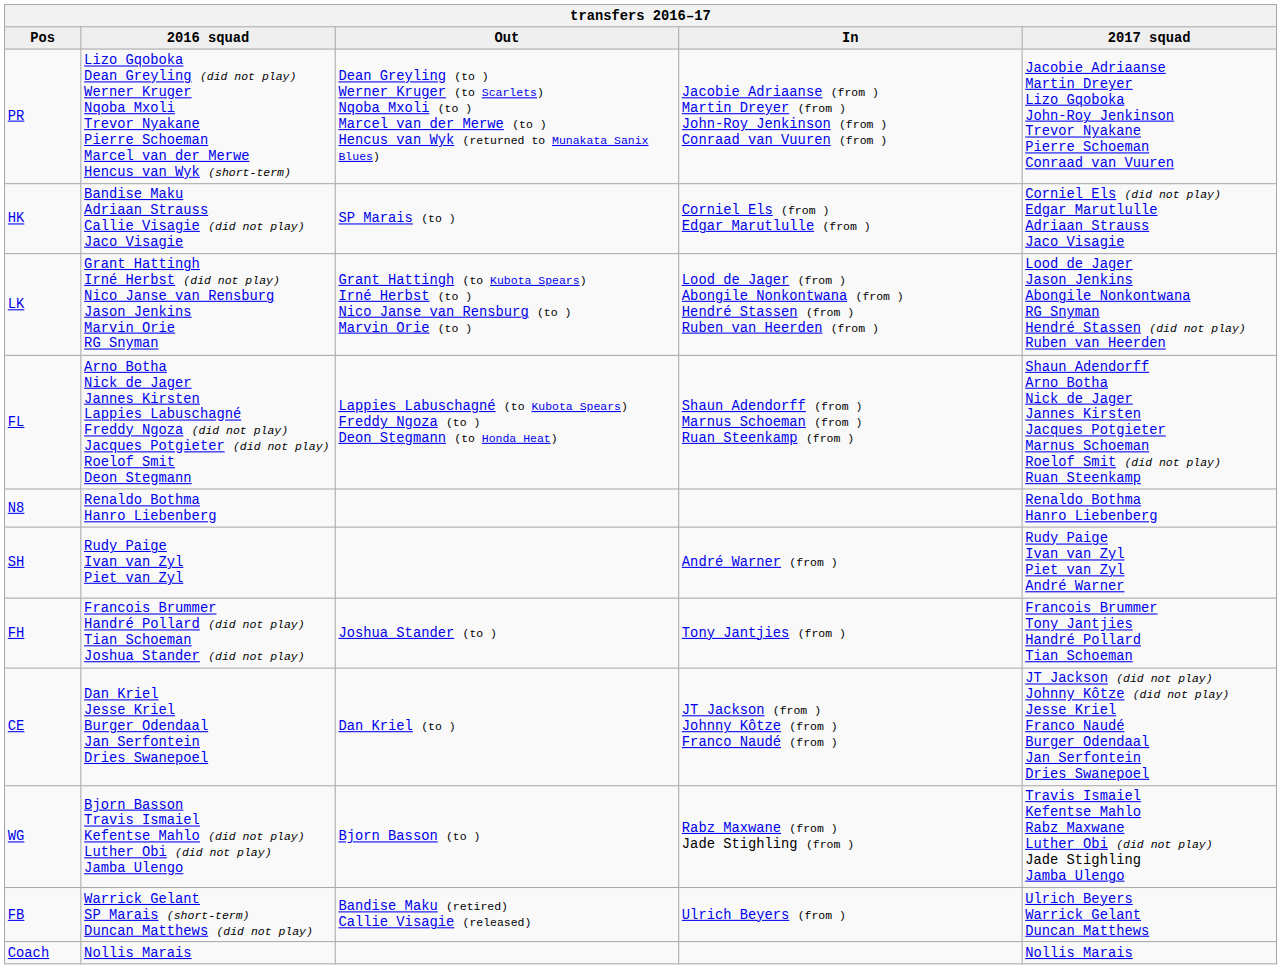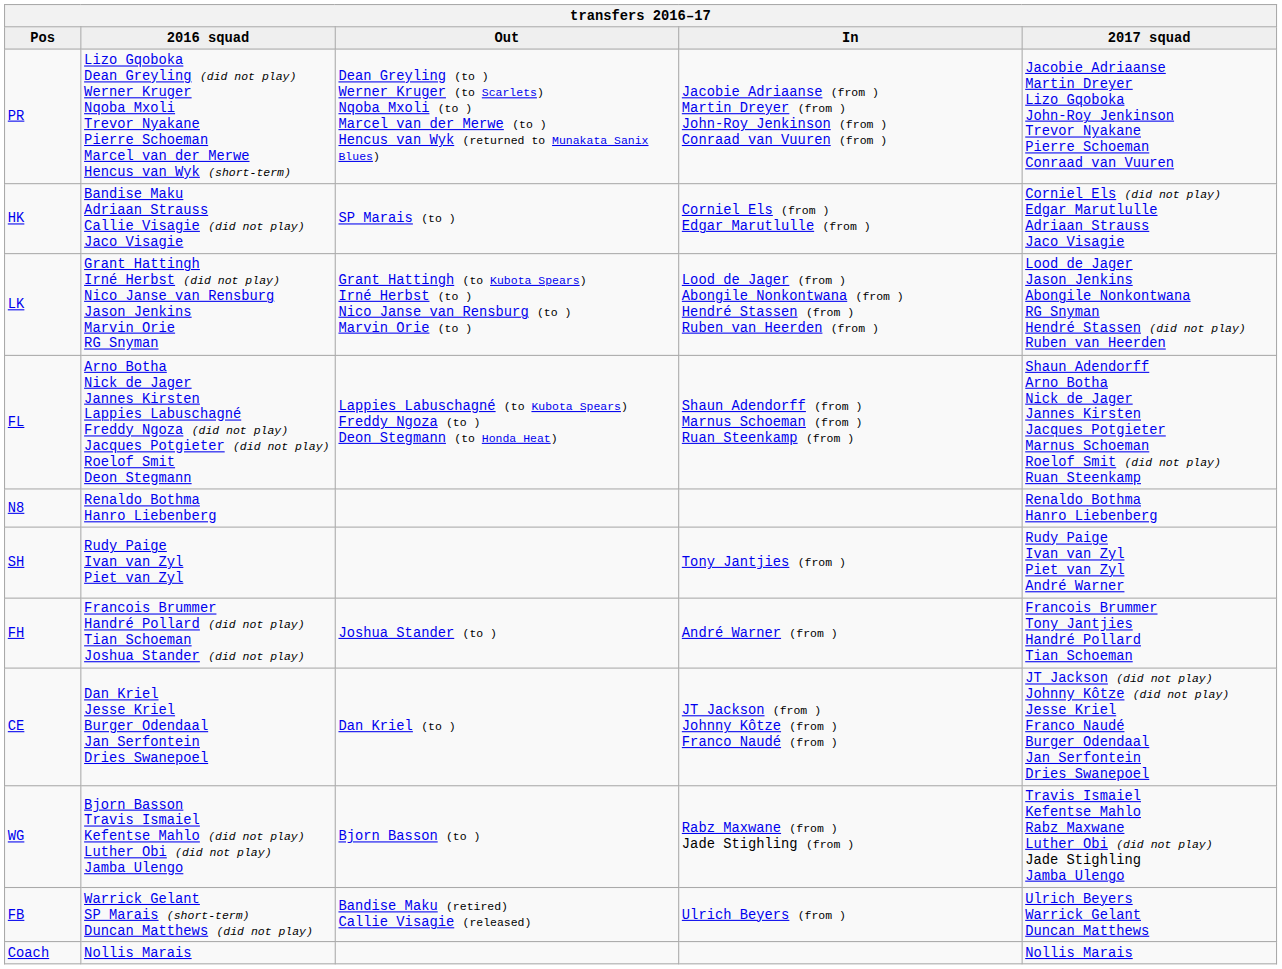 <table class="wikitable" style="text-align: left; width:95%">
 <tr>
 <th colspan="100%"> transfers 2016–17</th>
 </tr>
 <tr>
 <th style="background:#efefef; width:6%;">Pos</th>
 <th style="background:#efefef; width:20%;">2016 squad</th>
 <th style="background:#efefef; width:27%;">Out</th>
 <th style="background:#efefef; width:27%;">In</th>
 <th style="background:#efefef; width:20%;">2017 squad</th>
 </tr>
 <tr>
 <td><a href='#'>PR</a></td>
 <td> <a href='#'>Lizo Gqoboka</a> <br> <a href='#'>Dean Greyling</a> <small><em>(did not play)</em></small> <br> <a href='#'>Werner Kruger</a> <br> <a href='#'>Nqoba Mxoli</a> <br> <a href='#'>Trevor Nyakane</a> <br> <a href='#'>Pierre Schoeman</a> <br> <a href='#'>Marcel van der Merwe</a> <br> <a href='#'>Hencus van Wyk</a> <small><em>(short-term)</em></small></td>
 <td>  <a href='#'>Dean Greyling</a> <small>(to )</small> <br>  <a href='#'>Werner Kruger</a> <small>(to  <a href='#'>Scarlets</a>)</small> <br>  <a href='#'>Nqoba Mxoli</a> <small>(to )</small> <br>  <a href='#'>Marcel van der Merwe</a> <small>(to )</small> <br>  <a href='#'>Hencus van Wyk</a> <small>(returned to  <a href='#'>Munakata Sanix Blues</a>)</small></td>
 <td>  <a href='#'>Jacobie Adriaanse</a> <small>(from )</small> <br>  <a href='#'>Martin Dreyer</a> <small>(from )</small> <br>  <a href='#'>John-Roy Jenkinson</a> <small>(from )</small> <br>  <a href='#'>Conraad van Vuuren</a> <small>(from )</small></td>
 <td> <a href='#'>Jacobie Adriaanse</a> <br> <a href='#'>Martin Dreyer</a> <br> <a href='#'>Lizo Gqoboka</a> <br> <a href='#'>John-Roy Jenkinson</a> <br> <a href='#'>Trevor Nyakane</a> <br> <a href='#'>Pierre Schoeman</a> <br> <a href='#'>Conraad van Vuuren</a></td>
 </tr>
 <tr>
 <td><a href='#'>HK</a></td>
 <td> <a href='#'>Bandise Maku</a> <br> <a href='#'>Adriaan Strauss</a> <br> <a href='#'>Callie Visagie</a> <small><em>(did not play)</em></small> <br> <a href='#'>Jaco Visagie</a></td>
 <td>  <a href='#'>SP Marais</a> <small>(to )</small></td>
 <td>  <a href='#'>Corniel Els</a> <small>(from )</small> <br>  <a href='#'>Edgar Marutlulle</a> <small>(from )</small></td>
 <td> <a href='#'>Corniel Els</a> <small><em>(did not play)</em></small> <br> <a href='#'>Edgar Marutlulle</a> <br> <a href='#'>Adriaan Strauss</a> <br> <a href='#'>Jaco Visagie</a></td>
 </tr>
 <tr>
 <td><a href='#'>LK</a></td>
 <td> <a href='#'>Grant Hattingh</a> <br> <a href='#'>Irné Herbst</a> <small><em>(did not play)</em></small> <br> <a href='#'>Nico Janse van Rensburg</a> <br> <a href='#'>Jason Jenkins</a> <br> <a href='#'>Marvin Orie</a> <br> <a href='#'>RG Snyman</a></td>
 <td>  <a href='#'>Grant Hattingh</a> <small>(to  <a href='#'>Kubota Spears</a>)</small> <br>  <a href='#'>Irné Herbst</a> <small>(to )</small> <br>  <a href='#'>Nico Janse van Rensburg</a> <small>(to )</small> <br>  <a href='#'>Marvin Orie</a> <small>(to )</small></td>
 <td>  <a href='#'>Lood de Jager</a> <small>(from )</small> <br>  <a href='#'>Abongile Nonkontwana</a> <small>(from )</small> <br>  <a href='#'>Hendré Stassen</a> <small>(from )</small> <br>  <a href='#'>Ruben van Heerden</a> <small>(from )</small></td>
 <td> <a href='#'>Lood de Jager</a> <br> <a href='#'>Jason Jenkins</a> <br> <a href='#'>Abongile Nonkontwana</a> <br> <a href='#'>RG Snyman</a> <br> <a href='#'>Hendré Stassen</a> <small><em>(did not play)</em></small> <br> <a href='#'>Ruben van Heerden</a></td>
 </tr>
 <tr>
 <td><a href='#'>FL</a></td>
 <td> <a href='#'>Arno Botha</a> <br> <a href='#'>Nick de Jager</a> <br> <a href='#'>Jannes Kirsten</a> <br> <a href='#'>Lappies Labuschagné</a> <br> <a href='#'>Freddy Ngoza</a> <small><em>(did not play)</em></small> <br> <a href='#'>Jacques Potgieter</a> <small><em>(did not play)</em></small> <br> <a href='#'>Roelof Smit</a> <br> <a href='#'>Deon Stegmann</a></td>
 <td>  <a href='#'>Lappies Labuschagné</a> <small>(to  <a href='#'>Kubota Spears</a>)</small> <br>  <a href='#'>Freddy Ngoza</a> <small>(to )</small> <br>  <a href='#'>Deon Stegmann</a> <small>(to  <a href='#'>Honda Heat</a>)</small></td>
 <td>  <a href='#'>Shaun Adendorff</a> <small>(from )</small> <br>  <a href='#'>Marnus Schoeman</a> <small>(from )</small> <br>  <a href='#'>Ruan Steenkamp</a> <small>(from )</small></td>
 <td> <a href='#'>Shaun Adendorff</a> <br> <a href='#'>Arno Botha</a> <br> <a href='#'>Nick de Jager</a> <br> <a href='#'>Jannes Kirsten</a> <br> <a href='#'>Jacques Potgieter</a> <br> <a href='#'>Marnus Schoeman</a> <br> <a href='#'>Roelof Smit</a> <small><em>(did not play)</em></small> <br> <a href='#'>Ruan Steenkamp</a></td>
 </tr>
 <tr>
 <td><a href='#'>N8</a></td>
 <td> <a href='#'>Renaldo Bothma</a> <br> <a href='#'>Hanro Liebenberg</a></td>
 <td></td>
 <td></td>
 <td> <a href='#'>Renaldo Bothma</a> <br> <a href='#'>Hanro Liebenberg</a></td>
 </tr>
 <tr>
 <td><a href='#'>SH</a></td>
 <td> <a href='#'>Rudy Paige</a> <br> <a href='#'>Ivan van Zyl</a> <br> <a href='#'>Piet van Zyl</a></td>
 <td></td>
-<td>  <a href='#'>André Warner</a> <small>(from )</small></td>
+<td>  <a href='#'>Tony Jantjies</a> <small>(from )</small></td>
 <td> <a href='#'>Rudy Paige</a> <br> <a href='#'>Ivan van Zyl</a> <br> <a href='#'>Piet van Zyl</a> <br> <a href='#'>André Warner</a></td>
 </tr>
 <tr>
 <td><a href='#'>FH</a></td>
 <td> <a href='#'>Francois Brummer</a> <br> <a href='#'>Handré Pollard</a> <small><em>(did not play)</em></small> <br> <a href='#'>Tian Schoeman</a> <br> <a href='#'>Joshua Stander</a> <small><em>(did not play)</em></small></td>
 <td>  <a href='#'>Joshua Stander</a> <small>(to )</small></td>
-<td>  <a href='#'>Tony Jantjies</a> <small>(from )</small></td>
+<td>  <a href='#'>André Warner</a> <small>(from )</small></td>
 <td> <a href='#'>Francois Brummer</a> <br> <a href='#'>Tony Jantjies</a> <br> <a href='#'>Handré Pollard</a> <br> <a href='#'>Tian Schoeman</a></td>
 </tr>
 <tr>
 <td><a href='#'>CE</a></td>
 <td> <a href='#'>Dan Kriel</a> <br> <a href='#'>Jesse Kriel</a> <br> <a href='#'>Burger Odendaal</a> <br> <a href='#'>Jan Serfontein</a> <br> <a href='#'>Dries Swanepoel</a></td>
 <td>  <a href='#'>Dan Kriel</a> <small>(to )</small></td>
 <td>  <a href='#'>JT Jackson</a> <small>(from )</small> <br>  <a href='#'>Johnny Kôtze</a> <small>(from )</small> <br>  <a href='#'>Franco Naudé</a> <small>(from )</small></td>
 <td> <a href='#'>JT Jackson</a> <small><em>(did not play)</em></small> <br> <a href='#'>Johnny Kôtze</a> <small><em>(did not play)</em></small> <br> <a href='#'>Jesse Kriel</a> <br> <a href='#'>Franco Naudé</a> <br> <a href='#'>Burger Odendaal</a> <br> <a href='#'>Jan Serfontein</a> <br> <a href='#'>Dries Swanepoel</a></td>
 </tr>
 <tr>
 <td><a href='#'>WG</a></td>
 <td> <a href='#'>Bjorn Basson</a> <br> <a href='#'>Travis Ismaiel</a> <br> <a href='#'>Kefentse Mahlo</a> <small><em>(did not play)</em></small> <br> <a href='#'>Luther Obi</a> <small><em>(did not play)</em></small> <br> <a href='#'>Jamba Ulengo</a></td>
 <td>  <a href='#'>Bjorn Basson</a> <small>(to )</small></td>
 <td>  <a href='#'>Rabz Maxwane</a> <small>(from )</small> <br>  Jade Stighling <small>(from )</small></td>
 <td> <a href='#'>Travis Ismaiel</a> <br> <a href='#'>Kefentse Mahlo</a> <br> <a href='#'>Rabz Maxwane</a> <br> <a href='#'>Luther Obi</a> <small><em>(did not play)</em></small> <br> Jade Stighling <br> <a href='#'>Jamba Ulengo</a></td>
 </tr>
 <tr>
 <td><a href='#'>FB</a></td>
 <td> <a href='#'>Warrick Gelant</a> <br> <a href='#'>SP Marais</a> <small><em>(short-term)</em></small> <br> <a href='#'>Duncan Matthews</a> <small><em>(did not play)</em></small></td>
 <td>  <a href='#'>Bandise Maku</a> <small>(retired)</small> <br>  <a href='#'>Callie Visagie</a> <small>(released)</small></td>
 <td>  <a href='#'>Ulrich Beyers</a> <small>(from )</small></td>
 <td> <a href='#'>Ulrich Beyers</a> <br> <a href='#'>Warrick Gelant</a> <br> <a href='#'>Duncan Matthews</a></td>
 </tr>
 <tr>
 <td><a href='#'>Coach</a></td>
 <td> <a href='#'>Nollis Marais</a></td>
 <td></td>
 <td></td>
 <td> <a href='#'>Nollis Marais</a></td>
 </tr>
 </table>
